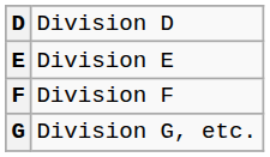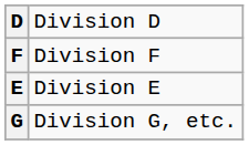 <table class="wikitable" style="font-size:85%">
 <tr>
 <th scope="row">D</th>
 <td>Division D</td>
 </tr>
 <tr>
+<th scope="row">F</th>
+<td>Division F</td>
+</tr>
+<tr>
 <th scope="row">E</th>
 <td>Division E</td>
-</tr>
-<tr>
-<th scope="row">F</th>
-<td>Division F</td>
 </tr>
 <tr>
 <th scope="row">G</th>
 <td>Division G, etc.</td>
 </tr>
 </table>
